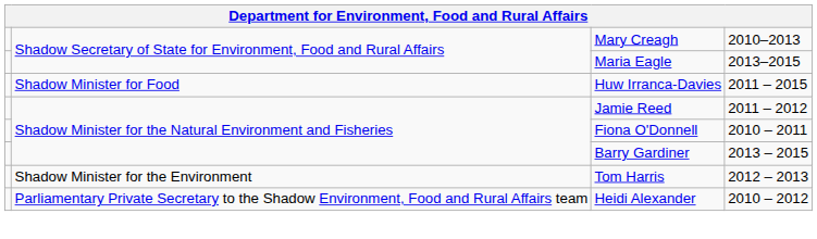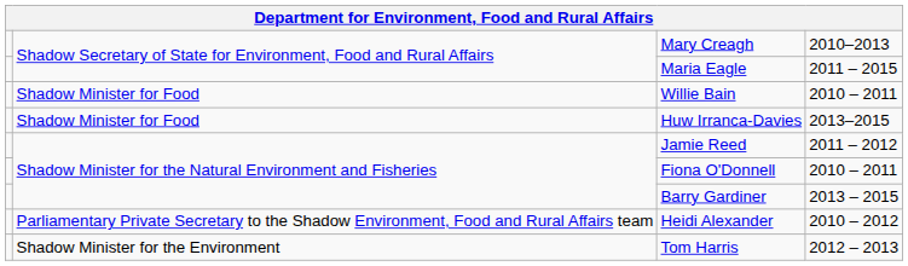 <table class="wikitable">
 <tr>
 <th colspan="4"><a href='#'>Department for Environment, Food and Rural Affairs</a></th>
 </tr>
 <tr>
 <td style="background: "></td>
 <td rowspan="2"><a href='#'>Shadow Secretary of State for Environment, Food and Rural Affairs</a></td>
 <td><a href='#'>Mary Creagh</a></td>
 <td>2010–2013</td>
 </tr>
 <tr>
 <td style="background: "></td>
 <td><a href='#'>Maria Eagle</a></td>
-<td>2013–2015</td>
+<td>2011 – 2015</td>
+</tr>
+<tr>
+<td style="background: "></td>
+<td><a href='#'>Shadow Minister for Food</a></td>
+<td><a href='#'>Willie Bain</a></td>
+<td>2010 – 2011</td>
 </tr>
 <tr>
 <td style="background: "></td>
 <td><a href='#'>Shadow Minister for Food</a></td>
 <td><a href='#'>Huw Irranca-Davies</a></td>
-<td>2011 – 2015</td>
+<td>2013–2015</td>
 </tr>
 <tr>
 <td style="background: "></td>
 <td rowspan="3"><a href='#'>Shadow Minister for the Natural Environment and Fisheries</a></td>
 <td><a href='#'>Jamie Reed</a></td>
 <td>2011 – 2012</td>
 </tr>
 <tr>
 <td style="background: "></td>
 <td><a href='#'>Fiona O'Donnell</a></td>
 <td>2010 – 2011</td>
 </tr>
 <tr>
 <td style="background: "></td>
 <td><a href='#'>Barry Gardiner</a></td>
 <td>2013 – 2015</td>
 </tr>
 <tr>
 <td style="background: "></td>
+<td><a href='#'>Parliamentary Private Secretary</a> to the Shadow <a href='#'>Environment, Food and Rural Affairs</a> team</td>
+<td><a href='#'>Heidi Alexander</a></td>
+<td>2010 – 2012</td>
+</tr>
+<tr>
+<td style="background: "></td>
 <td>Shadow Minister for the Environment</td>
 <td><a href='#'>Tom Harris</a></td>
 <td>2012 – 2013</td>
 </tr>
-<tr>
-<td style="background: "></td>
-<td><a href='#'>Parliamentary Private Secretary</a> to the Shadow <a href='#'>Environment, Food and Rural Affairs</a> team</td>
-<td><a href='#'>Heidi Alexander</a></td>
-<td>2010 – 2012</td>
-</tr>
 </table>
